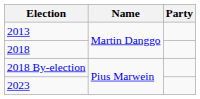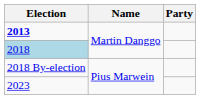 <table class="wikitable sortable">
 <tr>
 <th>Election</th>
 <th>Name</th>
 <th colspan=2>Party</th>
 </tr>
 <tr>
-<td><a href='#'>2013</a></td>
+<td><strong><a href='#'>2013</a></strong></td>
 <td rowspan=2><a href='#'>Martin Danggo</a></td>
 <td></td>
 </tr>
 <tr>
-<td><a href='#'>2018</a></td>
+<td style="background: lightblue;"><a href='#'>2018</a></td>
 </tr>
 <tr>
 <td><a href='#'>2018 By-election</a></td>
 <td rowspan=2><a href='#'>Pius Marwein</a></td>
 <td></td>
 </tr>
 <tr>
 <td><a href='#'>2023</a></td>
 </tr>
 </table>
